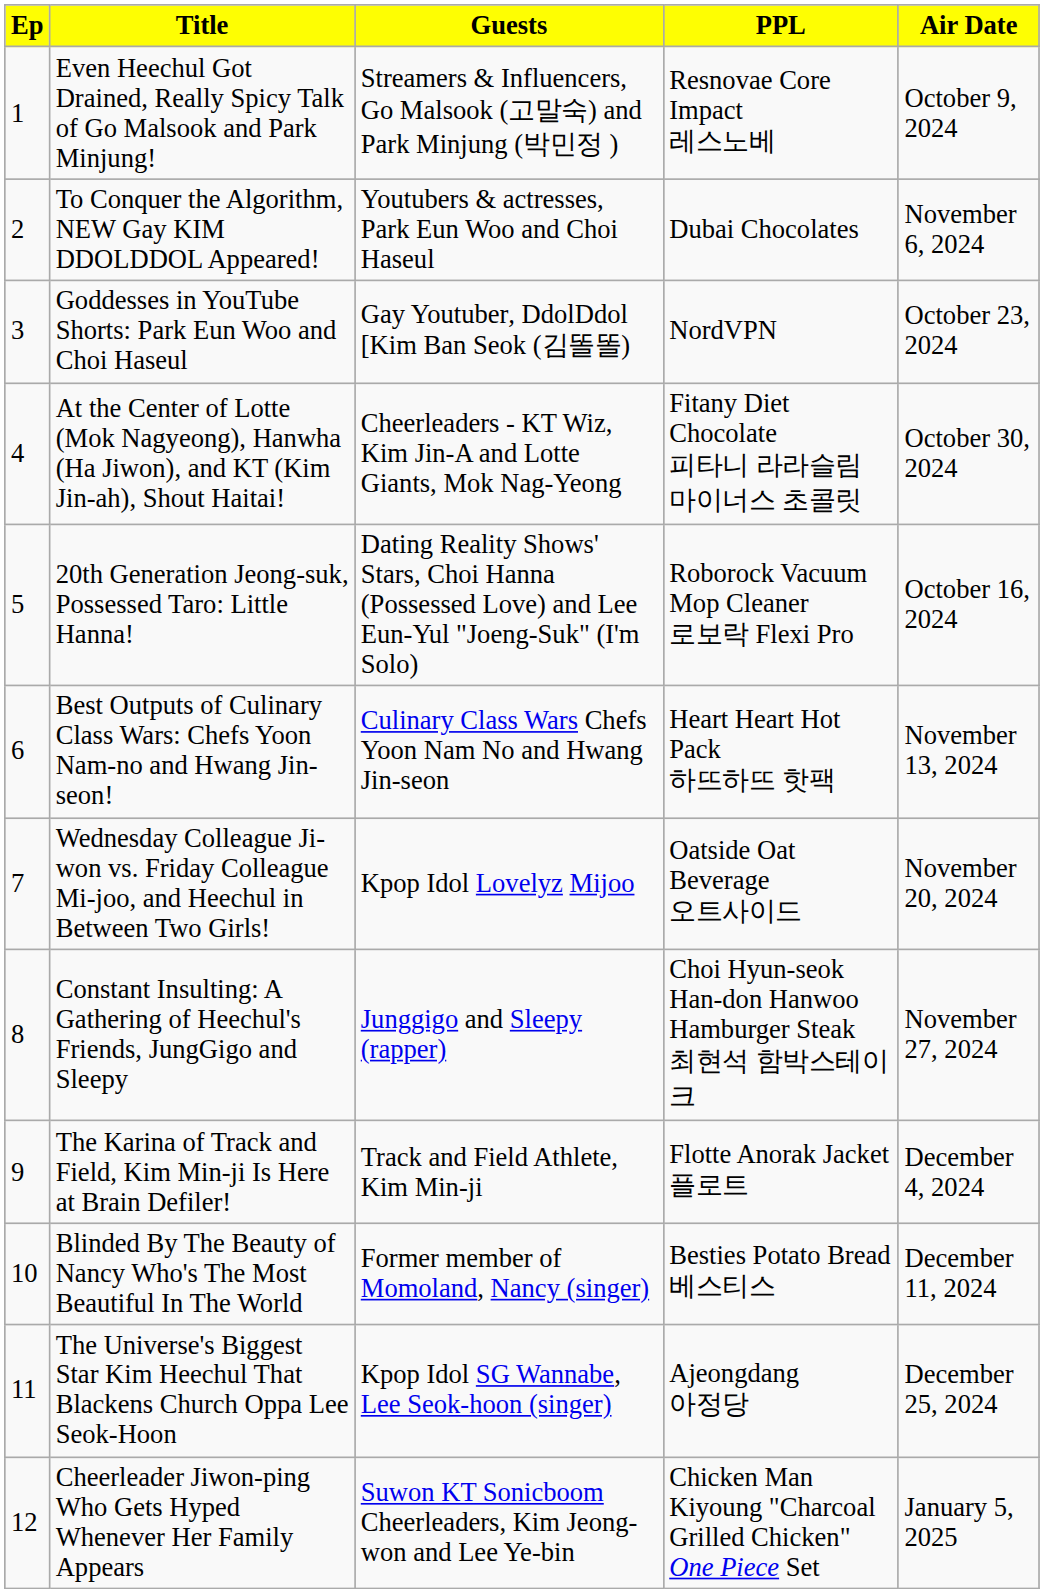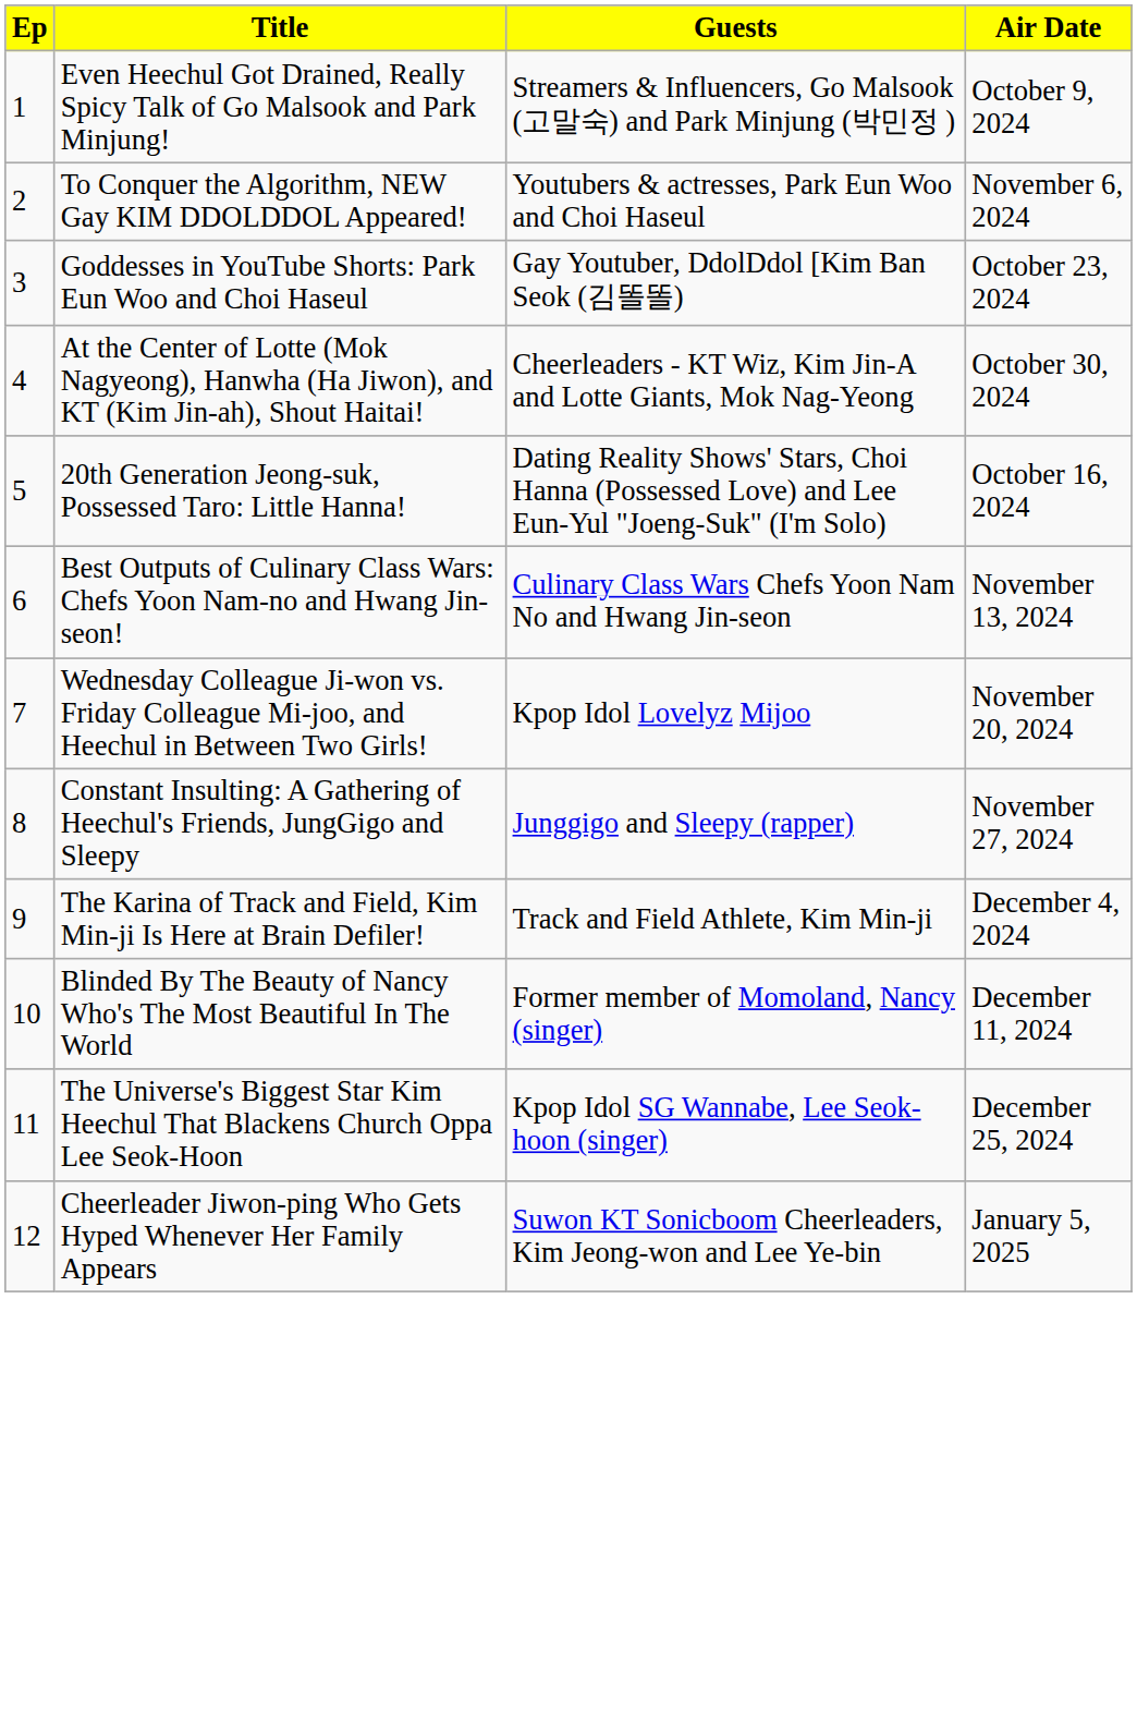 <table class="sortable wikitable" style="text-align:left; style=font-size:85%; width:100%">
 <tr>
 <th style="background:#fefe02">Ep</th>
 <th style="background:#fefe02">Title</th>
 <th style="background:#fefe02">Guests</th>
-<th style="background:#fefe02">PPL</th>
 <th style="background:#fefe02">Air Date</th>
 </tr>
 <tr>
 <td>1</td>
 <td>Even Heechul Got Drained, Really Spicy Talk of Go Malsook and Park Minjung!</td>
 <td>Streamers & Influencers, Go Malsook (고말숙) and Park Minjung (박민정 )</td>
-<td>Resnovae Core Impact<br>레스노베</td>
 <td>October 9, 2024</td>
 </tr>
 <tr>
 <td>2</td>
 <td>To Conquer the Algorithm, NEW Gay KIM DDOLDDOL Appeared!</td>
 <td>Youtubers & actresses, Park Eun Woo and Choi Haseul</td>
-<td>Dubai Chocolates</td>
 <td>November 6, 2024</td>
 </tr>
 <tr>
 <td>3</td>
 <td>Goddesses in YouTube Shorts: Park Eun Woo and Choi Haseul</td>
 <td>Gay Youtuber<em>,</em> DdolDdol [Kim Ban Seok (김똘똘)</td>
-<td>NordVPN</td>
 <td>October 23, 2024</td>
 </tr>
 <tr>
 <td>4</td>
 <td>At the Center of Lotte (Mok Nagyeong), Hanwha (Ha Jiwon), and KT (Kim Jin-ah), Shout Haitai!</td>
 <td>Cheerleaders - KT Wiz, Kim Jin-A and Lotte Giants, Mok Nag-Yeong</td>
-<td>Fitany Diet Chocolate<br>피타니 라라슬림 마이너스 초콜릿</td>
 <td>October 30, 2024</td>
 </tr>
 <tr>
 <td>5</td>
 <td>20th Generation Jeong-suk, Possessed Taro: Little Hanna!</td>
 <td>Dating Reality Shows' Stars, Choi Hanna (Possessed Love) and Lee Eun-Yul "Joeng-Suk" (I'm Solo)</td>
-<td>Roborock Vacuum Mop Cleaner<br>로보락 Flexi Pro</td>
 <td>October 16, 2024</td>
 </tr>
 <tr>
 <td>6</td>
 <td>Best Outputs of Culinary Class Wars: Chefs Yoon Nam-no and Hwang Jin-seon!</td>
 <td><a href='#'>Culinary Class Wars</a> Chefs Yoon Nam No and Hwang Jin-seon</td>
-<td>Heart Heart Hot Pack<br>하뜨하뜨 핫팩</td>
 <td>November 13, 2024</td>
 </tr>
 <tr>
 <td>7</td>
 <td>Wednesday Colleague Ji-won vs. Friday Colleague Mi-joo, and Heechul in Between Two Girls!</td>
 <td>Kpop Idol <a href='#'>Lovelyz</a> <a href='#'>Mijoo</a></td>
-<td>Oatside Oat Beverage<br>오트사이드</td>
 <td>November 20, 2024</td>
 </tr>
 <tr>
 <td>8</td>
 <td>Constant Insulting: A Gathering of Heechul's Friends, JungGigo and Sleepy</td>
 <td><a href='#'>Junggigo</a> and <a href='#'>Sleepy (rapper)</a></td>
-<td>Choi Hyun-seok Han-don Hanwoo Hamburger Steak<br>최현석 함박스테이크</td>
 <td>November 27, 2024</td>
 </tr>
 <tr>
 <td>9</td>
 <td>The Karina of Track and Field, Kim Min-ji Is Here at Brain Defiler!</td>
 <td>Track and Field Athlete, Kim Min-ji</td>
-<td>Flotte Anorak Jacket<br>플로트</td>
 <td>December 4, 2024</td>
 </tr>
 <tr>
 <td>10</td>
 <td>Blinded By The Beauty of Nancy Who's The Most Beautiful In The World</td>
 <td>Former member of <a href='#'>Momoland</a>, <a href='#'>Nancy (singer)</a></td>
-<td>Besties Potato Bread<br>베스티스</td>
 <td>December 11, 2024</td>
 </tr>
 <tr>
 <td>11</td>
 <td>The Universe's Biggest Star Kim Heechul That Blackens Church Oppa Lee Seok-Hoon</td>
 <td>Kpop Idol <a href='#'>SG Wannabe</a>, <a href='#'>Lee Seok-hoon (singer)</a></td>
-<td>Ajeongdang<br>아정당</td>
 <td>December 25, 2024</td>
 </tr>
 <tr>
 <td>12</td>
 <td>Cheerleader Jiwon-ping Who Gets Hyped Whenever Her Family Appears</td>
 <td><a href='#'>Suwon KT Sonicboom</a> Cheerleaders, Kim Jeong-won and Lee Ye-bin</td>
-<td>Chicken Man Kiyoung "Charcoal Grilled Chicken"  <em><a href='#'>One Piece</a></em> Set</td>
 <td>January 5, 2025</td>
 </tr>
 </table>
